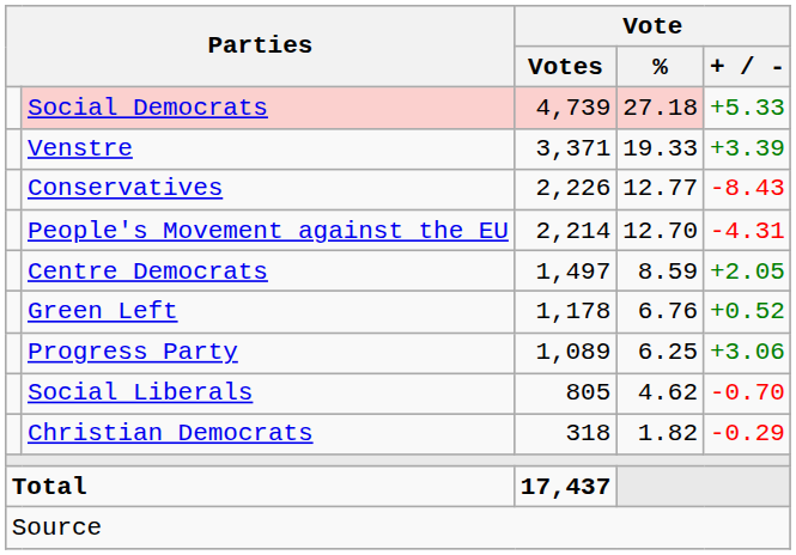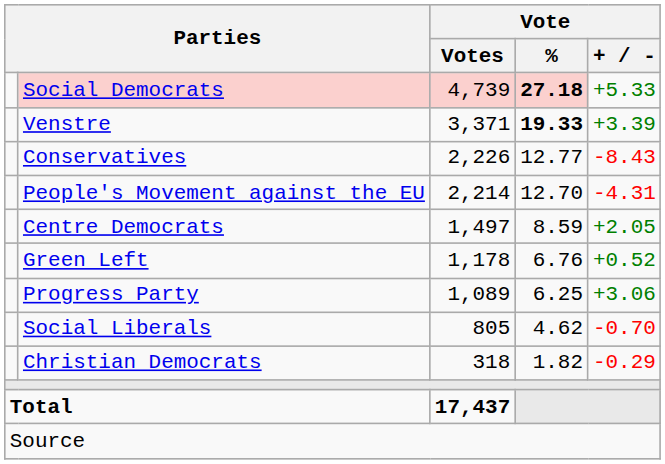 <table class="wikitable" style="text-align:right;">
 <tr>
 <th style="text-align:centre;" rowspan="2" colspan="2" width="225">Parties</th>
 <th colspan="3">Vote</th>
 </tr>
 <tr>
 <th width="15">Votes</th>
 <th width="15">%</th>
 <th width="15">+ / -</th>
 </tr>
 <tr>
 <td width="2" style="color:inherit;background:"></td>
 <td bgcolor=#fbd0ce   align="left"><a href='#'>Social Democrats</a></td>
 <td bgcolor=#fbd0ce>4,739</td>
-<td bgcolor=#fbd0ce>27.18</td>
+<td bgcolor=#fbd0ce><strong>27.18</strong></td>
 <td style=color:green;>+5.33</td>
 </tr>
 <tr>
 <td width="2" style="color:inherit;background:"></td>
 <td align="left"><a href='#'>Venstre</a></td>
 <td>3,371</td>
-<td>19.33</td>
+<td><strong>19.33</strong></td>
 <td style=color:green;>+3.39</td>
 </tr>
 <tr>
 <td width="2" style="color:inherit;background:"></td>
 <td align="left"><a href='#'>Conservatives</a></td>
 <td>2,226</td>
 <td>12.77</td>
 <td style=color:red;>-8.43</td>
 </tr>
 <tr>
 <td width="2" style="color:inherit;background:"></td>
 <td align="left"><a href='#'>People's Movement against the EU</a></td>
 <td>2,214</td>
 <td>12.70</td>
 <td style=color:red;>-4.31</td>
 </tr>
 <tr>
 <td width="2" style="color:inherit;background:"></td>
 <td align="left"><a href='#'>Centre Democrats</a></td>
 <td>1,497</td>
 <td>8.59</td>
 <td style=color:green;>+2.05</td>
 </tr>
 <tr>
 <td width="2" style="color:inherit;background:"></td>
 <td align="left"><a href='#'>Green Left</a></td>
 <td>1,178</td>
 <td>6.76</td>
 <td style=color:green;>+0.52</td>
 </tr>
 <tr>
 <td width="2" style="color:inherit;background:"></td>
 <td align="left"><a href='#'>Progress Party</a></td>
 <td>1,089</td>
 <td>6.25</td>
 <td style=color:green;>+3.06</td>
 </tr>
 <tr>
 <td width="2" style="color:inherit;background:"></td>
 <td align="left"><a href='#'>Social Liberals</a></td>
 <td>805</td>
 <td>4.62</td>
 <td style=color:red;>-0.70</td>
 </tr>
 <tr>
 <td width="2" style="color:inherit;background:"></td>
 <td align="left"><a href='#'>Christian Democrats</a></td>
 <td>318</td>
 <td>1.82</td>
 <td style=color:red;>-0.29</td>
 </tr>
 <tr>
 <td colspan="7" bgcolor="#E9E9E9"></td>
 </tr>
 <tr>
 <td align="left" colspan="2"><strong>Total</strong></td>
 <td><strong>17,437</strong></td>
 <td bgcolor="#E9E9E9" colspan="2"></td>
 </tr>
 <tr>
 <td align="left" colspan="6">Source</td>
 </tr>
 </table>
